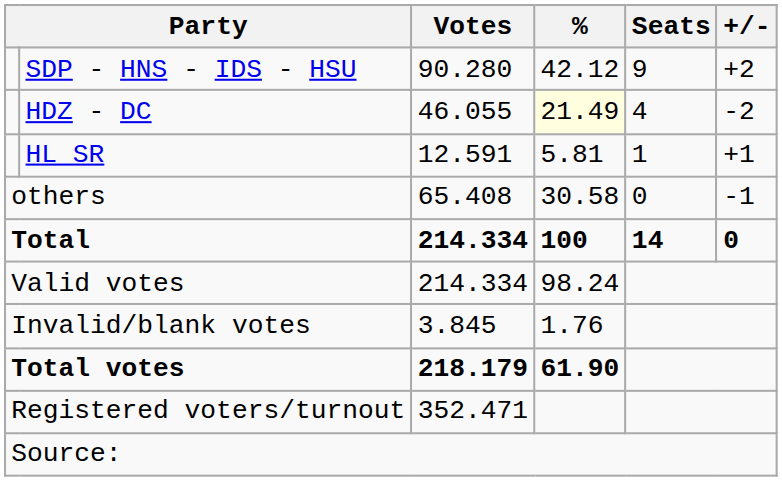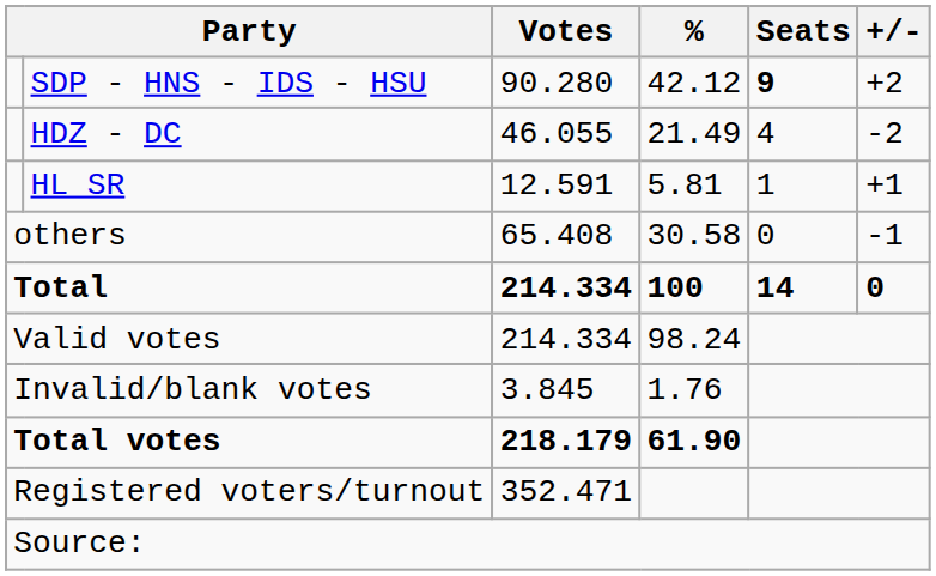 <table class="wikitable" style="text-align: left;">
 <tr>
 <th colspan="2">Party</th>
 <th>Votes</th>
 <th>%</th>
 <th>Seats</th>
 <th>+/-</th>
 </tr>
 <tr>
 <td style="background-color: "></td>
 <td><a href='#'>SDP</a> - <a href='#'>HNS</a> - <a href='#'>IDS</a> - <a href='#'>HSU</a></td>
 <td>90.280</td>
 <td>42.12</td>
-<td>9</td>
+<td><strong>9</strong></td>
 <td>+2</td>
 </tr>
 <tr>
 <td style="background-color: "></td>
 <td><a href='#'>HDZ</a> - <a href='#'>DC</a></td>
 <td>46.055</td>
-<td style="background: lightyellow;">21.49</td>
+<td>21.49</td>
 <td>4</td>
 <td>-2</td>
 </tr>
 <tr>
 <td style="background-color: "></td>
 <td><a href='#'>HL SR</a></td>
 <td>12.591</td>
 <td>5.81</td>
 <td>1</td>
 <td>+1</td>
 </tr>
 <tr>
 <td colspan="2">others</td>
 <td>65.408</td>
 <td>30.58</td>
 <td>0</td>
 <td>-1</td>
 </tr>
 <tr>
 <td colspan="2"><strong>Total</strong></td>
 <td><strong>214.334</strong></td>
 <td><strong>100</strong></td>
 <td><strong>14</strong></td>
 <td><strong>0</strong></td>
 </tr>
 <tr>
 <td colspan="2">Valid votes</td>
 <td>214.334</td>
 <td>98.24</td>
 <td colspan="2"></td>
 </tr>
 <tr>
 <td colspan="2">Invalid/blank votes</td>
 <td>3.845</td>
 <td>1.76</td>
 <td colspan="2"></td>
 </tr>
 <tr>
 <td colspan="2"><strong>Total votes</strong></td>
 <td><strong>218.179</strong></td>
 <td><strong>61.90</strong></td>
 <td colspan="2"></td>
 </tr>
 <tr>
 <td colspan="2">Registered voters/turnout</td>
 <td votes14="5343">352.471</td>
 <td></td>
 <td colspan="2"></td>
 </tr>
 <tr>
 <td colspan="6">Source: </td>
 </tr>
 </table>
